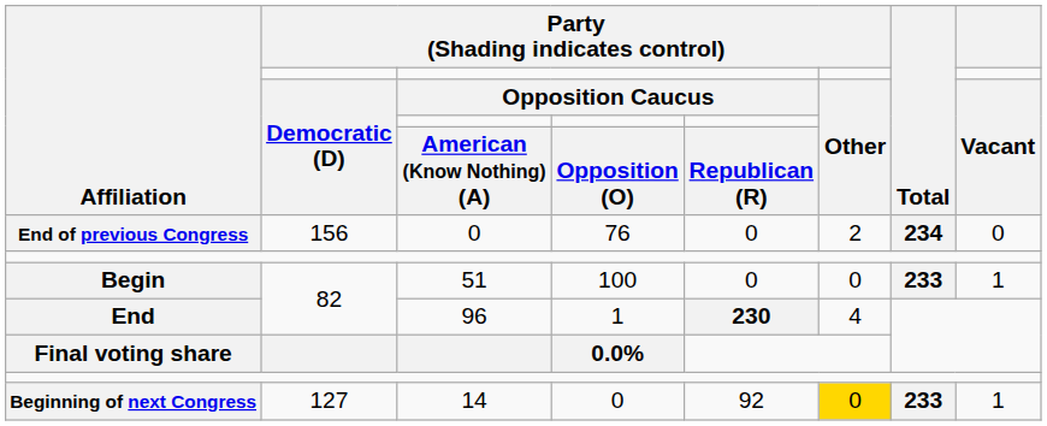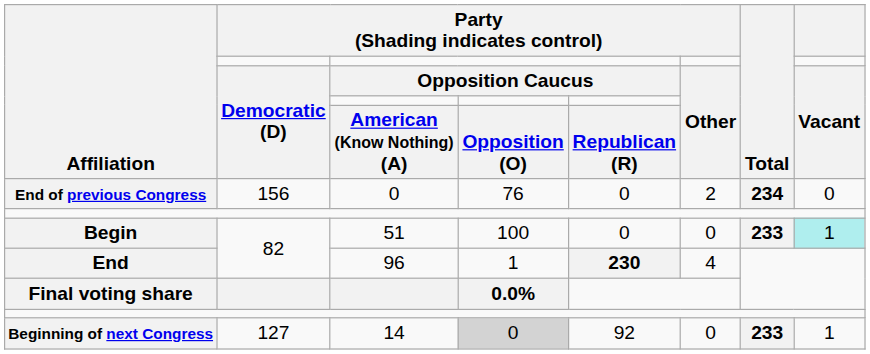 <table class=wikitable style="text-align:center">
 <tr style="vertical-align:bottom;">
 <th rowspan="5">Affiliation</th>
 <th colspan="5">Party <div>(Shading indicates control)</div></th>
 <th rowspan="5">Total</th>
 <th></th>
 </tr>
 <tr>
 <td></td>
 <td colspan="3"></td>
 <td></td>
 <td></td>
 </tr>
 <tr>
 <th rowspan="3"><a href='#'>Democratic</a><br>(D)</th>
 <th colspan="3">Opposition Caucus</th>
 <th rowspan="3">Other</th>
 <th rowspan="3">Vacant</th>
 </tr>
 <tr style="height:5px">
 <td></td>
 <td></td>
 <td></td>
 </tr>
 <tr style="vertical-align:bottom;">
 <th><a href='#'>American</a><br><small>(Know Nothing)</small><br>(A)</th>
 <th><a href='#'>Opposition</a><br>(O)</th>
 <th><a href='#'>Republican</a><br>(R)</th>
 </tr>
 <tr>
 <th style="white-space:nowrap; font-size:80%;">End of <a href='#'>previous Congress</a></th>
 <td>156</td>
 <td>0</td>
 <td>76</td>
 <td>0</td>
 <td>2</td>
 <th>234</th>
 <td>0</td>
 </tr>
 <tr>
 <td colspan=10></td>
 </tr>
 <tr>
 <th>Begin</th>
 <td rowspan="2" >82</td>
 <td>51</td>
 <td>100</td>
 <td>0</td>
 <td>0</td>
 <th>233</th>
-<td>1</td>
+<td style="background: paleturquoise;">1</td>
 </tr>
 <tr>
 <th>End</th>
 <td>96</td>
 <td>1</td>
 <th>230</th>
 <td>4</td>
 </tr>
 <tr>
 <th>Final voting share</th>
 <th></th>
 <th></th>
 <th>0.0%</th>
 <td colspan=2></td>
 </tr>
 <tr>
 <td colspan=10></td>
 </tr>
 <tr>
 <th style="white-space:nowrap; font-size:80%;">Beginning of <a href='#'>next Congress</a></th>
 <td>127</td>
 <td>14</td>
+<td style="background: lightgrey;">0</td>
+<td>92</td>
 <td>0</td>
-<td>92</td>
-<td style="background: gold;">0</td>
 <th>233</th>
 <td>1</td>
 </tr>
 </table>
